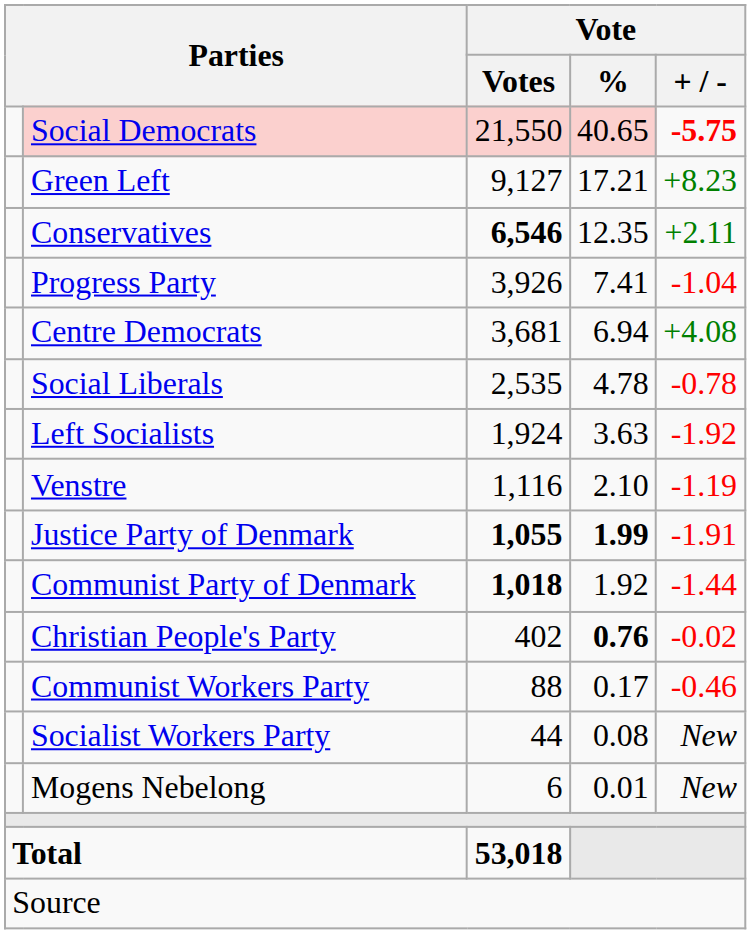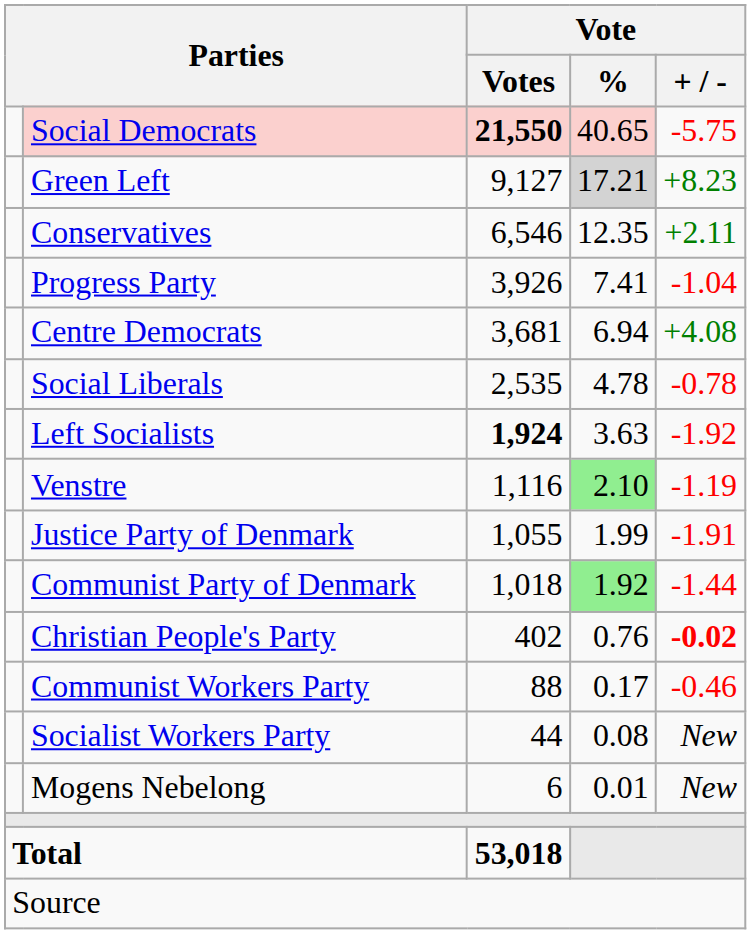 <table class="wikitable" style="text-align:right;">
 <tr>
 <th style="text-align:centre;" rowspan="2" colspan="2" width="225">Parties</th>
 <th colspan="3">Vote</th>
 </tr>
 <tr>
 <th width="15">Votes</th>
 <th width="15">%</th>
 <th width="15">+ / -</th>
 </tr>
 <tr>
 <td width="2" style="color:inherit;background:"></td>
 <td bgcolor=#fbd0ce  align="left"><a href='#'>Social Democrats</a></td>
-<td bgcolor=#fbd0ce>21,550</td>
+<td bgcolor=#fbd0ce><strong>21,550</strong></td>
 <td bgcolor=#fbd0ce>40.65</td>
-<td style=color:red;><strong>-5.75</strong></td>
+<td style=color:red;>-5.75</td>
 </tr>
 <tr>
 <td width="2" style="color:inherit;background:"></td>
 <td align="left"><a href='#'>Green Left</a></td>
 <td>9,127</td>
-<td>17.21</td>
+<td style="background: lightgrey;">17.21</td>
 <td style=color:green;>+8.23</td>
 </tr>
 <tr>
 <td width="2" style="color:inherit;background:"></td>
 <td align="left"><a href='#'>Conservatives</a></td>
-<td><strong>6,546</strong></td>
+<td>6,546</td>
 <td>12.35</td>
 <td style=color:green;>+2.11</td>
 </tr>
 <tr>
 <td width="2" style="color:inherit;background:"></td>
 <td align="left"><a href='#'>Progress Party</a></td>
 <td>3,926</td>
 <td>7.41</td>
 <td style=color:red;>-1.04</td>
 </tr>
 <tr>
 <td width="2" style="color:inherit;background:"></td>
 <td align="left"><a href='#'>Centre Democrats</a></td>
 <td>3,681</td>
 <td>6.94</td>
 <td style=color:green;>+4.08</td>
 </tr>
 <tr>
 <td width="2" style="color:inherit;background:"></td>
 <td align="left"><a href='#'>Social Liberals</a></td>
 <td>2,535</td>
 <td>4.78</td>
 <td style=color:red;>-0.78</td>
 </tr>
 <tr>
 <td width="2" style="color:inherit;background:"></td>
 <td align="left"><a href='#'>Left Socialists</a></td>
-<td>1,924</td>
+<td><strong>1,924</strong></td>
 <td>3.63</td>
 <td style=color:red;>-1.92</td>
 </tr>
 <tr>
 <td width="2" style="color:inherit;background:"></td>
 <td align="left"><a href='#'>Venstre</a></td>
 <td>1,116</td>
-<td>2.10</td>
+<td style="background: lightgreen;">2.10</td>
 <td style=color:red;>-1.19</td>
 </tr>
 <tr>
 <td width="2" style="color:inherit;background:"></td>
 <td align="left"><a href='#'>Justice Party of Denmark</a></td>
-<td><strong>1,055</strong></td>
-<td><strong>1.99</strong></td>
+<td>1,055</td>
+<td>1.99</td>
 <td style=color:red;>-1.91</td>
 </tr>
 <tr>
 <td width="2" style="color:inherit;background:"></td>
 <td align="left"><a href='#'>Communist Party of Denmark</a></td>
-<td><strong>1,018</strong></td>
-<td>1.92</td>
+<td>1,018</td>
+<td style="background: lightgreen;">1.92</td>
 <td style=color:red;>-1.44</td>
 </tr>
 <tr>
 <td width="2" style="color:inherit;background:"></td>
 <td align="left"><a href='#'>Christian People's Party</a></td>
 <td>402</td>
-<td><strong>0.76</strong></td>
-<td style=color:red;>-0.02</td>
+<td>0.76</td>
+<td style=color:red;><strong>-0.02</strong></td>
 </tr>
 <tr>
 <td width="2" style="color:inherit;background:"></td>
 <td align="left"><a href='#'>Communist Workers Party</a></td>
 <td>88</td>
 <td>0.17</td>
 <td style=color:red;>-0.46</td>
 </tr>
 <tr>
 <td width="2" style="color:inherit;background:"></td>
 <td align="left"><a href='#'>Socialist Workers Party</a></td>
 <td>44</td>
 <td>0.08</td>
 <td><em>New</em></td>
 </tr>
 <tr>
 <td width="2" style="color:inherit;background:"></td>
 <td align="left">Mogens Nebelong</td>
 <td>6</td>
 <td>0.01</td>
 <td><em>New</em></td>
 </tr>
 <tr>
 <td colspan="7" bgcolor="#E9E9E9"></td>
 </tr>
 <tr>
 <td align="left" colspan="2"><strong>Total</strong></td>
 <td><strong>53,018</strong></td>
 <td bgcolor="#E9E9E9" colspan="2"></td>
 </tr>
 <tr>
 <td align="left" colspan="6">Source</td>
 </tr>
 </table>
